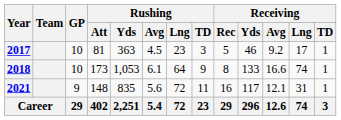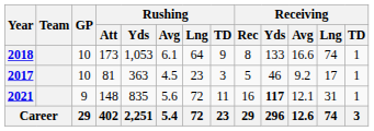 <table class="wikitable" style="text-align:center;">
 <tr>
 <th rowspan="2">Year</th>
 <th rowspan="2">Team</th>
 <th rowspan="2">GP</th>
 <th colspan="5">Rushing</th>
 <th colspan="5">Receiving</th>
 </tr>
 <tr>
 <th>Att</th>
 <th>Yds</th>
 <th>Avg</th>
 <th>Lng</th>
 <th>TD</th>
 <th>Rec</th>
 <th>Yds</th>
 <th>Avg</th>
 <th>Lng</th>
 <th>TD</th>
 </tr>
 <tr>
+<th><a href='#'>2018</a></th>
+<th><a href='#'></a></th>
+<td>10</td>
+<td>173</td>
+<td>1,053</td>
+<td>6.1</td>
+<td>64</td>
+<td>9</td>
+<td>8</td>
+<td>133</td>
+<td>16.6</td>
+<td>74</td>
+<td>1</td>
+</tr>
+<tr>
 <th><a href='#'>2017</a></th>
 <th><a href='#'></a></th>
 <td>10</td>
 <td>81</td>
 <td>363</td>
 <td>4.5</td>
 <td>23</td>
 <td>3</td>
 <td>5</td>
 <td>46</td>
 <td>9.2</td>
 <td>17</td>
 <td>1</td>
 </tr>
 <tr>
-<th><a href='#'>2018</a></th>
-<th><a href='#'></a></th>
-<td>10</td>
-<td>173</td>
-<td>1,053</td>
-<td>6.1</td>
-<td>64</td>
-<td>9</td>
-<td>8</td>
-<td>133</td>
-<td>16.6</td>
-<td>74</td>
-<td>1</td>
-</tr>
-<tr>
 <th><a href='#'>2021</a></th>
 <th><a href='#'></a></th>
 <td>9</td>
 <td>148</td>
 <td>835</td>
 <td>5.6</td>
 <td>72</td>
 <td>11</td>
 <td>16</td>
-<td>117</td>
+<td><strong>117</strong></td>
 <td>12.1</td>
 <td>31</td>
 <td>1</td>
 </tr>
 <tr>
 <th align=center colspan="2">Career</th>
 <th>29</th>
 <th>402</th>
 <th>2,251</th>
 <th>5.4</th>
 <th>72</th>
 <th>23</th>
 <th>29</th>
 <th>296</th>
 <th>12.6</th>
 <th>74</th>
 <th>3</th>
 </tr>
 </table>
